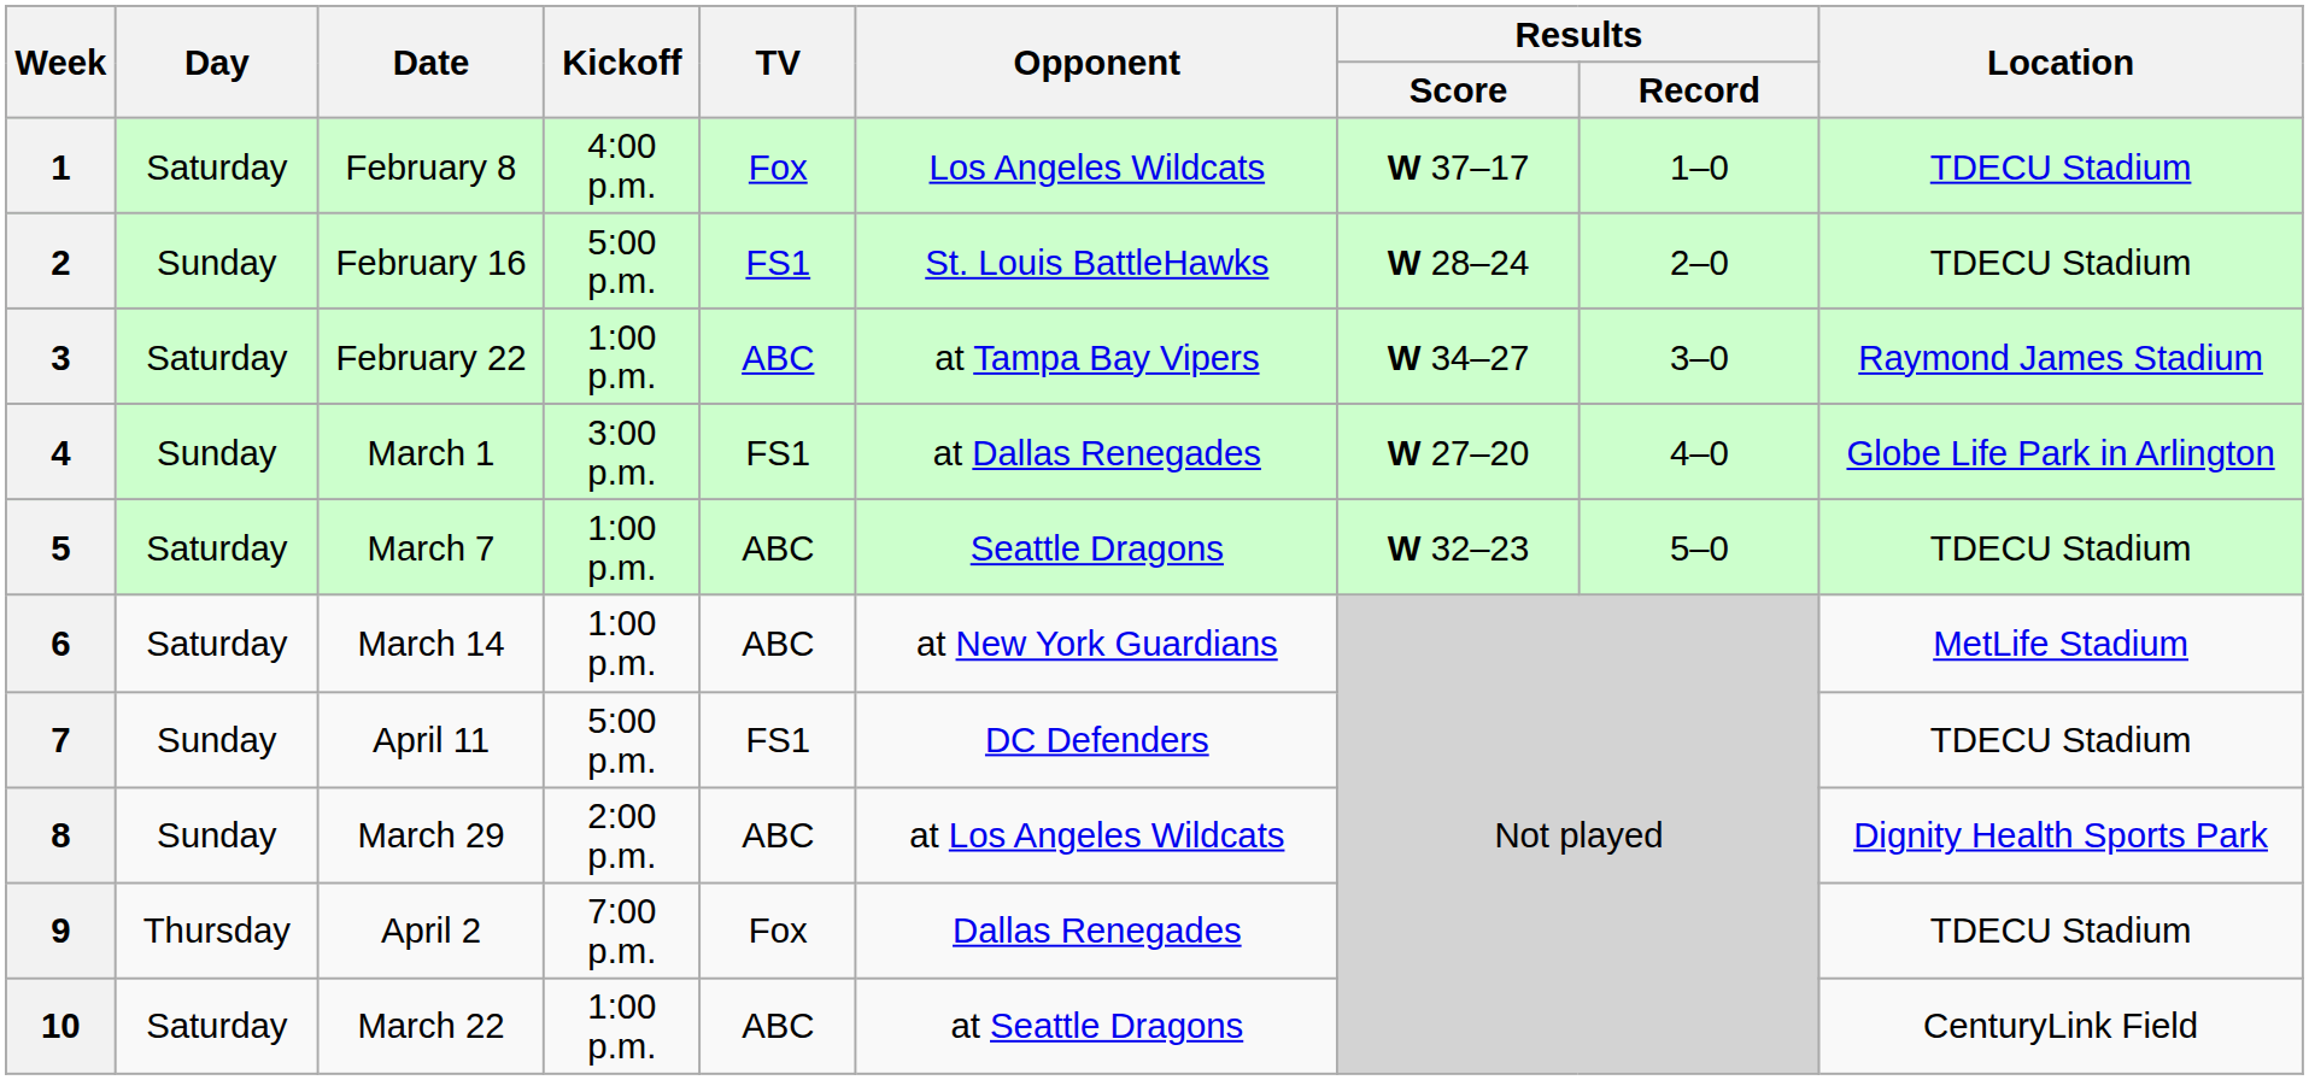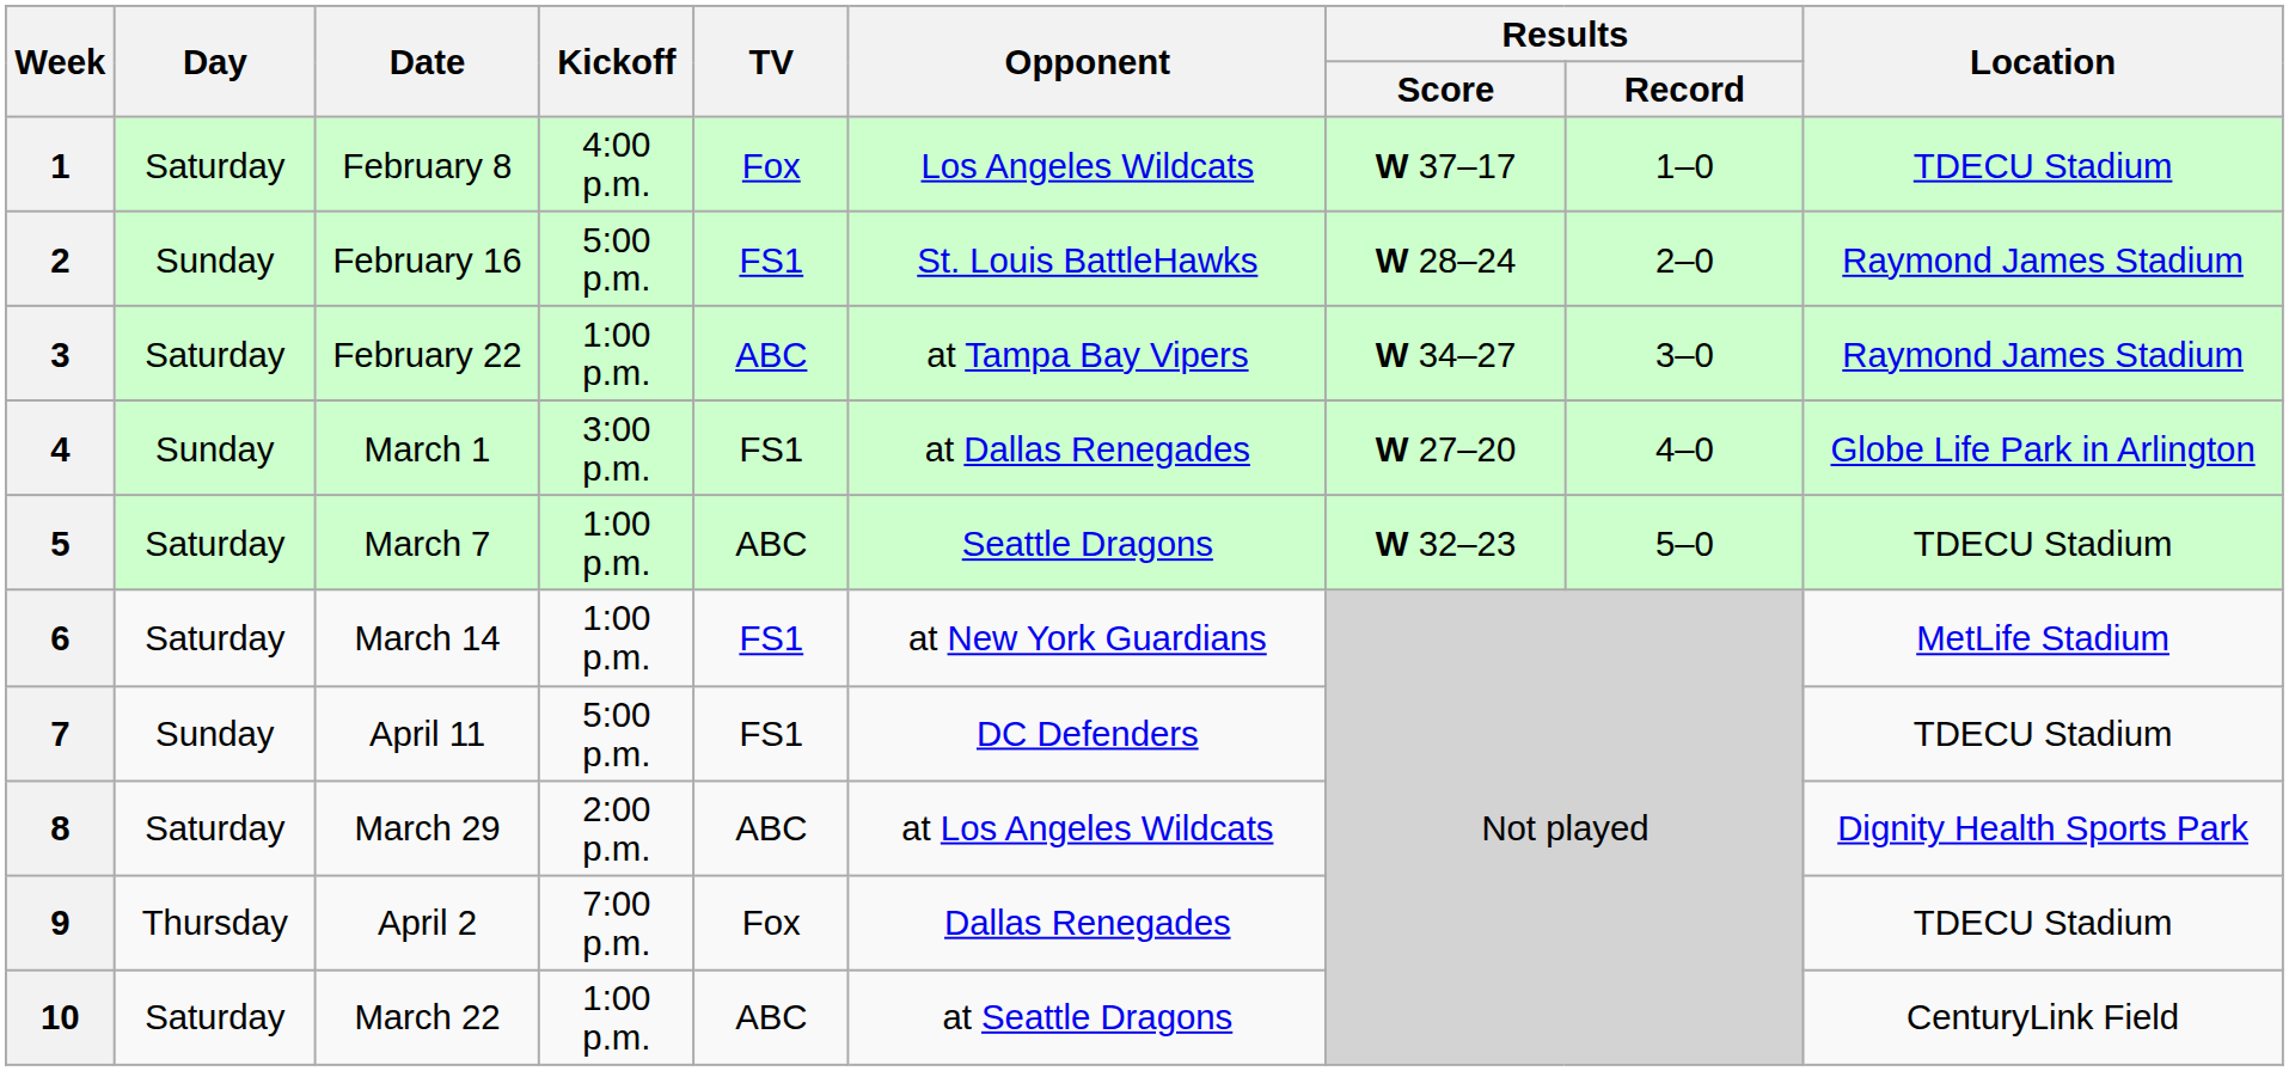 <table class="wikitable" style="text-align:center; font-size: 95%;">
 <tr>
 <th rowspan="2" width="40">Week</th>
 <th rowspan="2" width="80">Day</th>
 <th rowspan="2" width="90">Date</th>
 <th rowspan="2" width="60">Kickoff</th>
 <th rowspan="2" width="60">TV</th>
 <th rowspan="2" width="200">Opponent</th>
 <th colspan="2" width="200">Results</th>
 <th rowspan="2" width="200">Location</th>
 </tr>
 <tr>
 <th width="60">Score</th>
 <th width="60">Record</th>
 </tr>
 <tr bgcolor=#ccffcc>
 <th>1</th>
 <td>Saturday</td>
 <td>February 8</td>
 <td>4:00 p.m.</td>
 <td><a href='#'>Fox</a></td>
 <td><a href='#'>Los Angeles Wildcats</a></td>
 <td><strong>W</strong> 37–17</td>
 <td>1–0</td>
 <td><a href='#'>TDECU Stadium</a></td>
 </tr>
 <tr bgcolor=#ccffcc>
 <th>2</th>
 <td>Sunday</td>
 <td>February 16</td>
 <td>5:00 p.m.</td>
 <td><a href='#'>FS1</a></td>
 <td><a href='#'>St. Louis BattleHawks</a></td>
 <td><strong>W</strong> 28–24</td>
 <td>2–0</td>
-<td>TDECU Stadium</td>
+<td><a href='#'>Raymond James Stadium</a></td>
 </tr>
 <tr bgcolor=#ccffcc>
 <th>3</th>
 <td>Saturday</td>
 <td>February 22</td>
 <td>1:00 p.m.</td>
 <td><a href='#'>ABC</a></td>
 <td>at <a href='#'>Tampa Bay Vipers</a></td>
 <td><strong>W</strong> 34–27</td>
 <td>3–0</td>
 <td><a href='#'>Raymond James Stadium</a></td>
 </tr>
 <tr bgcolor=#ccffcc>
 <th>4</th>
 <td>Sunday</td>
 <td>March 1</td>
 <td>3:00 p.m.</td>
 <td>FS1</td>
 <td>at <a href='#'>Dallas Renegades</a></td>
 <td><strong>W</strong> 27–20</td>
 <td>4–0</td>
 <td><a href='#'>Globe Life Park in Arlington</a></td>
 </tr>
 <tr bgcolor=#ccffcc>
 <th>5</th>
 <td>Saturday</td>
 <td>March 7</td>
 <td>1:00 p.m.</td>
 <td>ABC</td>
 <td><a href='#'>Seattle Dragons</a></td>
 <td><strong>W</strong> 32–23</td>
 <td>5–0</td>
 <td>TDECU Stadium</td>
 </tr>
 <tr bgcolor=>
 <th>6</th>
 <td>Saturday</td>
 <td>March 14</td>
 <td>1:00 p.m.</td>
-<td>ABC</td>
+<td><a href='#'>FS1</a></td>
 <td>at <a href='#'>New York Guardians</a></td>
 <td colspan=2 rowspan=5 bgcolor=lightgrey>Not played</td>
 <td><a href='#'>MetLife Stadium</a></td>
 </tr>
 <tr bgcolor=>
 <th>7</th>
 <td>Sunday</td>
 <td>April 11</td>
 <td>5:00 p.m.</td>
 <td>FS1</td>
 <td><a href='#'>DC Defenders</a></td>
 <td>TDECU Stadium</td>
 </tr>
 <tr bgcolor=>
 <th>8</th>
-<td>Sunday</td>
+<td>Saturday</td>
 <td>March 29</td>
 <td>2:00 p.m.</td>
 <td>ABC</td>
 <td>at <a href='#'>Los Angeles Wildcats</a></td>
 <td><a href='#'>Dignity Health Sports Park</a></td>
 </tr>
 <tr bgcolor=>
 <th>9</th>
 <td>Thursday</td>
 <td>April 2</td>
 <td>7:00 p.m.</td>
 <td>Fox</td>
 <td><a href='#'>Dallas Renegades</a></td>
 <td>TDECU Stadium</td>
 </tr>
 <tr bgcolor=>
 <th>10</th>
 <td>Saturday</td>
 <td>March 22</td>
 <td>1:00 p.m.</td>
 <td>ABC</td>
 <td>at <a href='#'>Seattle Dragons</a></td>
 <td>CenturyLink Field</td>
 </tr>
 </table>
